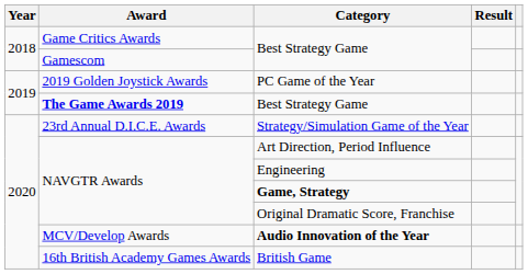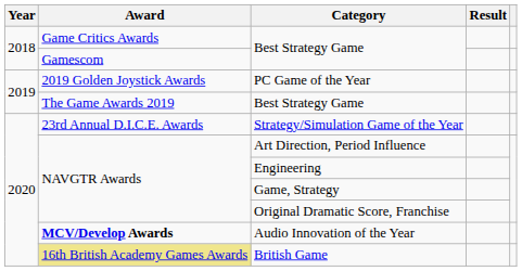 <table class="wikitable sortable">
 <tr>
 <th>Year</th>
 <th>Award</th>
 <th>Category</th>
 <th>Result</th>
 <th></th>
 </tr>
 <tr>
 <td style="text-align:center;" rowspan="2">2018</td>
 <td><a href='#'>Game Critics Awards</a></td>
 <td rowspan="2">Best Strategy Game</td>
 <td></td>
 <td style="text-align:center;"></td>
 </tr>
 <tr>
 <td><a href='#'>Gamescom</a></td>
 <td></td>
 <td style="text-align:center;"></td>
 </tr>
 <tr>
 <td style="text-align:center;" rowspan="2">2019</td>
 <td><a href='#'>2019 Golden Joystick Awards</a></td>
 <td>PC Game of the Year</td>
 <td></td>
 <td style="text-align:center;"></td>
 </tr>
 <tr>
-<td><strong><a href='#'>The Game Awards 2019</a></strong></td>
+<td><a href='#'>The Game Awards 2019</a></td>
 <td>Best Strategy Game</td>
 <td></td>
 <td style="text-align:center;"></td>
 </tr>
 <tr>
 <td style="text-align:center;" rowspan="7">2020</td>
 <td><a href='#'>23rd Annual D.I.C.E. Awards</a></td>
 <td><a href='#'>Strategy/Simulation Game of the Year</a></td>
 <td></td>
 <td style="text-align:center;"></td>
 </tr>
 <tr>
 <td rowspan="4">NAVGTR Awards</td>
 <td>Art Direction, Period Influence</td>
 <td></td>
 <td rowspan="4" style="text-align:center;"></td>
 </tr>
 <tr>
 <td>Engineering</td>
 <td></td>
 </tr>
 <tr>
-<td><strong>Game, Strategy</strong></td>
+<td>Game, Strategy</td>
 <td></td>
 </tr>
 <tr>
 <td>Original Dramatic Score, Franchise</td>
 <td></td>
 </tr>
 <tr>
-<td><a href='#'>MCV/Develop</a> Awards</td>
-<td><strong>Audio Innovation of the Year</strong></td>
+<td><strong><a href='#'>MCV/Develop</a> Awards</strong></td>
+<td>Audio Innovation of the Year</td>
 <td></td>
 <td style="text-align:center;"></td>
 </tr>
 <tr>
-<td><a href='#'>16th British Academy Games Awards</a></td>
+<td style="background: khaki;"><a href='#'>16th British Academy Games Awards</a></td>
 <td><a href='#'>British Game</a></td>
 <td></td>
 <td style="text-align:center;"></td>
 </tr>
 </table>
